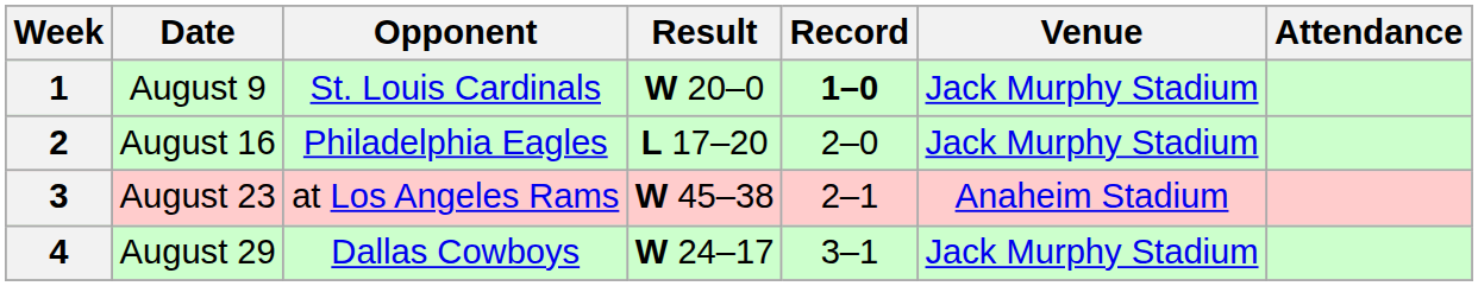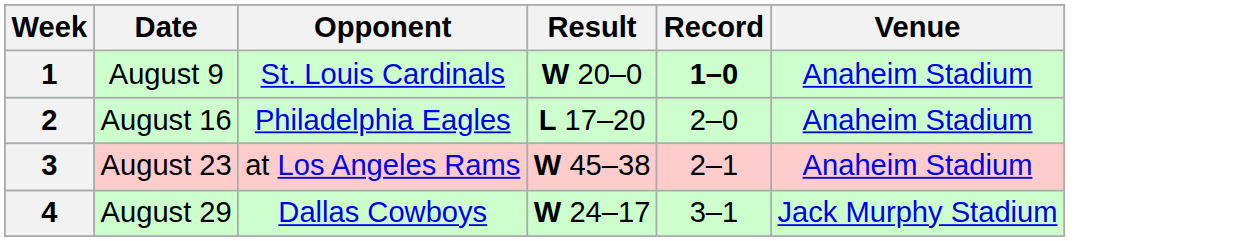 <table class="wikitable" style="text-align:center">
 <tr>
 <th>Week</th>
 <th>Date</th>
 <th>Opponent</th>
 <th>Result</th>
 <th>Record</th>
 <th>Venue</th>
-<th>Attendance</th>
 </tr>
 <tr style="background:#cfc">
 <th>1</th>
 <td>August 9</td>
 <td><a href='#'>St. Louis Cardinals</a></td>
 <td><strong>W</strong> 20–0</td>
 <td><strong>1–0</strong></td>
-<td><a href='#'>Jack Murphy Stadium</a></td>
-<td></td>
+<td><a href='#'>Anaheim Stadium</a></td>
 </tr>
 <tr style="background:#cfc">
 <th>2</th>
 <td>August 16</td>
 <td><a href='#'>Philadelphia Eagles</a></td>
 <td><strong>L</strong> 17–20</td>
 <td>2–0</td>
-<td><a href='#'>Jack Murphy Stadium</a></td>
-<td></td>
+<td><a href='#'>Anaheim Stadium</a></td>
 </tr>
 <tr style="background:#fcc">
 <th>3</th>
 <td>August 23</td>
 <td>at <a href='#'>Los Angeles Rams</a></td>
 <td><strong>W</strong> 45–38</td>
 <td>2–1</td>
 <td><a href='#'>Anaheim Stadium</a></td>
-<td></td>
 </tr>
 <tr style="background:#cfc">
 <th>4</th>
 <td>August 29</td>
 <td><a href='#'>Dallas Cowboys</a></td>
 <td><strong>W</strong> 24–17</td>
 <td>3–1</td>
 <td><a href='#'>Jack Murphy Stadium</a></td>
-<td></td>
 </tr>
 </table>
